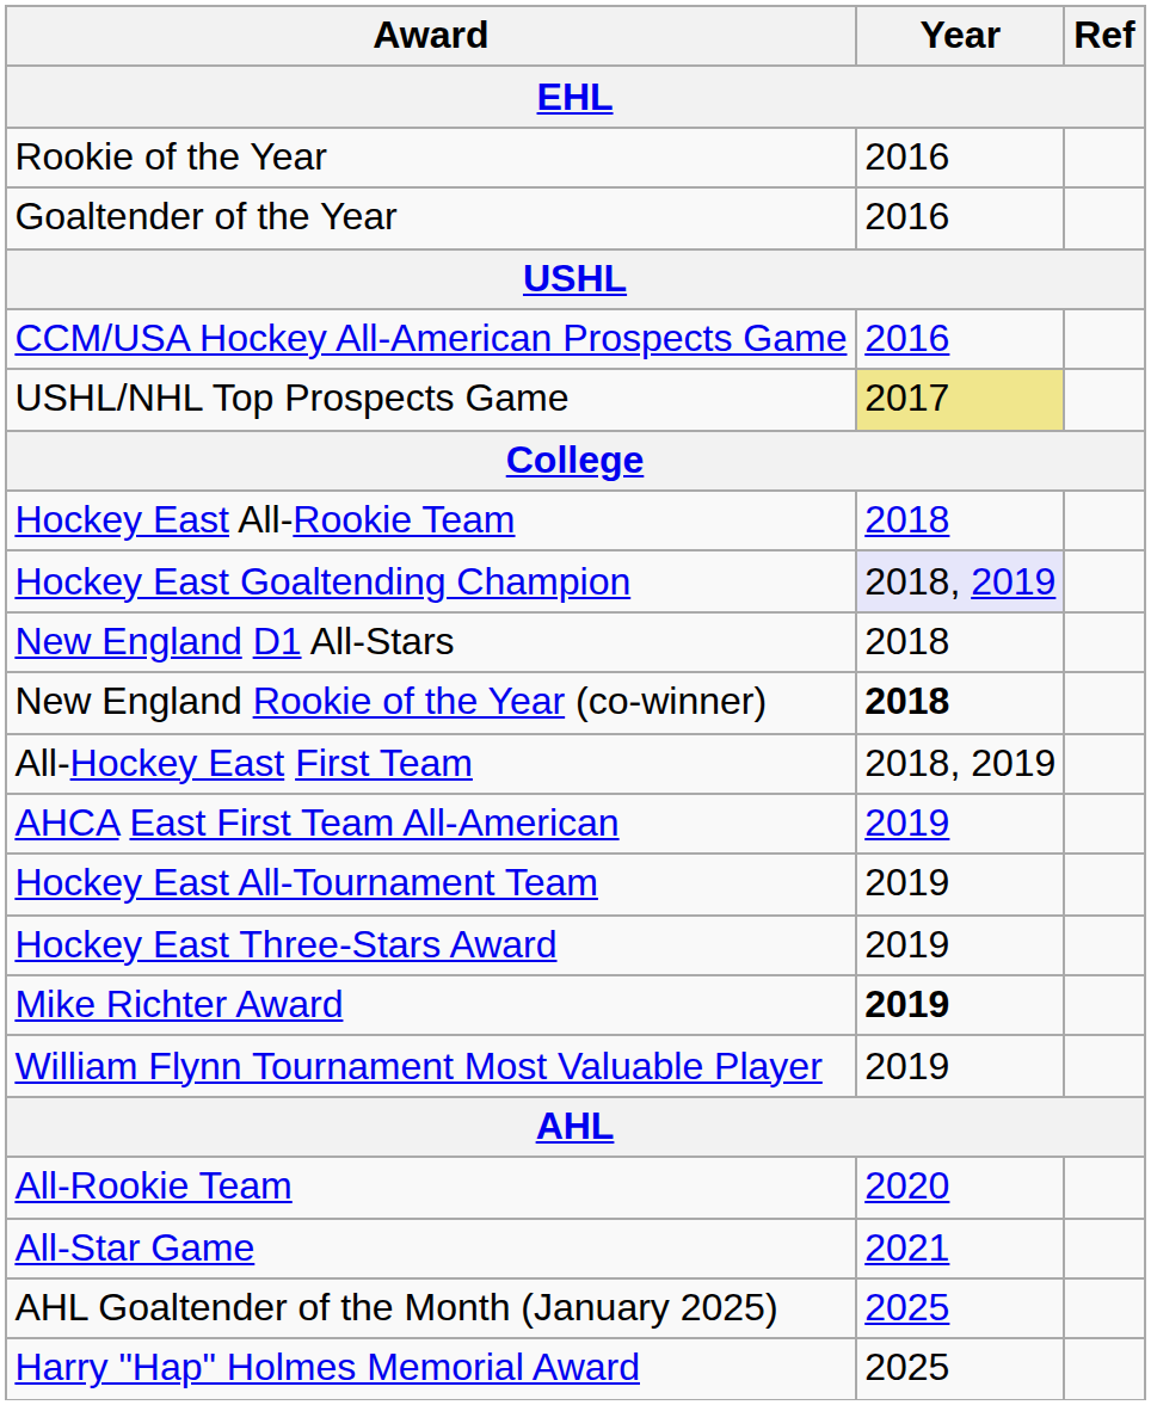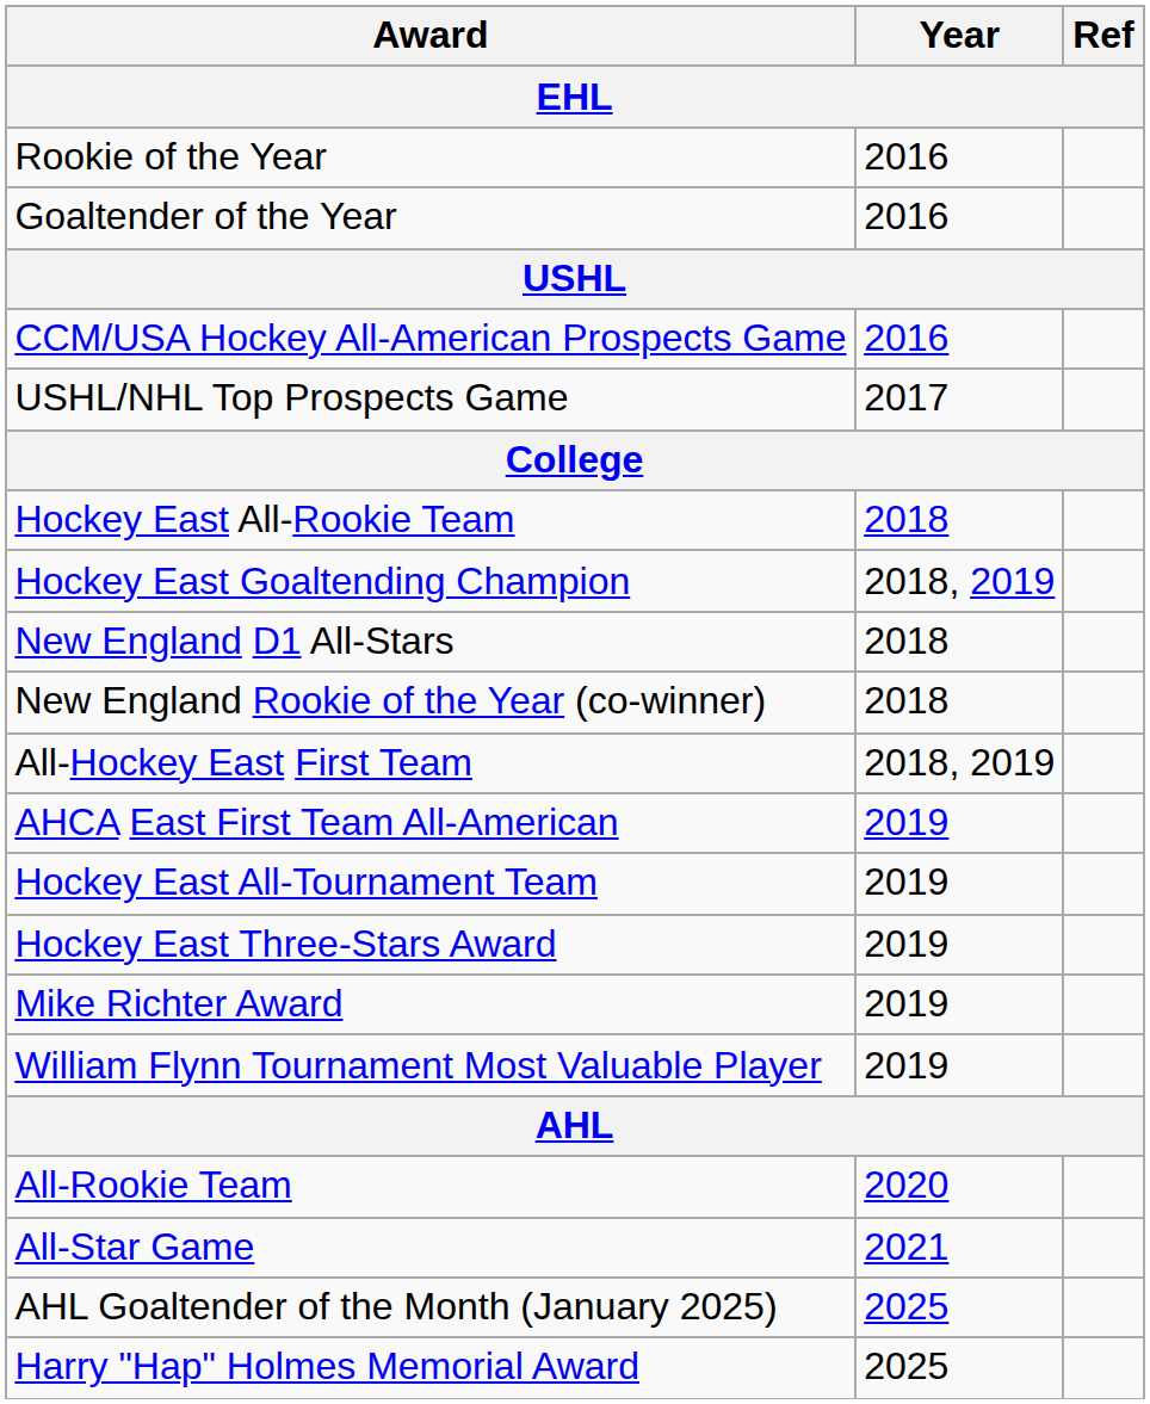 <table class="wikitable">
 <tr>
 <th>Award</th>
 <th>Year</th>
 <th>Ref</th>
 </tr>
 <tr ALIGN="center" bgcolor="#e0e0e0">
 <th colspan="3"><a href='#'>EHL</a></th>
 </tr>
 <tr>
 <td>Rookie of the Year</td>
 <td>2016</td>
 <td></td>
 </tr>
 <tr>
 <td>Goaltender of the Year</td>
 <td>2016</td>
 <td></td>
 </tr>
 <tr>
 </tr>
 <tr ALIGN="center" bgcolor="#e0e0e0">
 <th colspan="3"><a href='#'>USHL</a></th>
 </tr>
 <tr>
 </tr>
 <tr>
 <td><a href='#'>CCM/USA Hockey All-American Prospects Game</a></td>
 <td><a href='#'>2016</a></td>
 <td></td>
 </tr>
 <tr>
 <td>USHL/NHL Top Prospects Game</td>
-<td style="background: khaki;">2017</td>
+<td>2017</td>
 <td></td>
 </tr>
 <tr>
 </tr>
 <tr ALIGN="center" bgcolor="#e0e0e0">
 <th colspan="3"><a href='#'>College</a></th>
 </tr>
 <tr>
 <td><a href='#'>Hockey East</a> All-<a href='#'>Rookie Team</a></td>
 <td><a href='#'>2018</a></td>
 <td></td>
 </tr>
 <tr>
 <td><a href='#'>Hockey East Goaltending Champion</a></td>
-<td style="background: lavender;">2018, <a href='#'>2019</a></td>
+<td>2018, <a href='#'>2019</a></td>
 <td></td>
 </tr>
 <tr>
 <td><a href='#'>New England</a> <a href='#'>D1</a> All-Stars</td>
 <td>2018</td>
 <td></td>
 </tr>
 <tr>
 <td>New England <a href='#'>Rookie of the Year</a> (co-winner)</td>
-<td><strong>2018</strong></td>
+<td>2018</td>
 <td></td>
 </tr>
 <tr>
 <td>All-<a href='#'>Hockey East</a> <a href='#'>First Team</a></td>
 <td>2018, 2019</td>
 <td></td>
 </tr>
 <tr>
 <td><a href='#'>AHCA</a> <a href='#'>East First Team All-American</a></td>
 <td><a href='#'>2019</a></td>
 <td></td>
 </tr>
 <tr>
 <td><a href='#'>Hockey East All-Tournament Team</a></td>
 <td>2019</td>
 <td></td>
 </tr>
 <tr>
 <td><a href='#'>Hockey East Three-Stars Award</a></td>
 <td>2019</td>
 <td></td>
 </tr>
 <tr>
 <td><a href='#'>Mike Richter Award</a></td>
-<td><strong>2019</strong></td>
+<td>2019</td>
 <td></td>
 </tr>
 <tr>
 <td><a href='#'>William Flynn Tournament Most Valuable Player</a></td>
 <td>2019</td>
 <td></td>
 </tr>
 <tr>
 </tr>
 <tr ALIGN="center" bgcolor="#e0e0e0">
 <th colspan="3"><a href='#'>AHL</a></th>
 </tr>
 <tr>
 <td><a href='#'>All-Rookie Team</a></td>
 <td><a href='#'>2020</a></td>
 <td></td>
 </tr>
 <tr>
 <td><a href='#'>All-Star Game</a></td>
 <td><a href='#'>2021</a></td>
 <td></td>
 </tr>
 <tr>
 <td>AHL Goaltender of the Month (January 2025)</td>
 <td><a href='#'>2025</a></td>
 <td></td>
 </tr>
 <tr>
 <td><a href='#'>Harry "Hap" Holmes Memorial Award</a></td>
 <td>2025</td>
 <td></td>
 </tr>
 </table>
